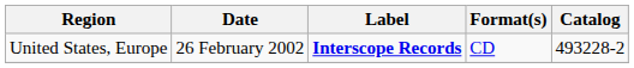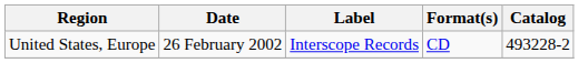 <table class="wikitable">
 <tr>
 <th>Region</th>
 <th>Date</th>
 <th>Label</th>
 <th>Format(s)</th>
 <th>Catalog</th>
 </tr>
 <tr>
 <td>United States, Europe</td>
 <td>26 February 2002</td>
-<td><strong><a href='#'>Interscope Records</a></strong></td>
+<td><a href='#'>Interscope Records</a></td>
 <td><a href='#'>CD</a></td>
 <td>493228-2</td>
 </tr>
 <tr>
 </tr>
 </table>
